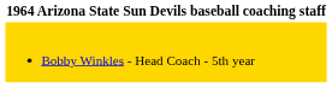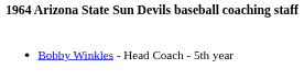 <table class="toccolours">
 <tr>
 <th colspan=9>1964 Arizona State Sun Devils baseball coaching staff</th>
 </tr>
 <tr>
-<td style="background: gold; text-align: left; font-size: 95%;" valign="top"><br><ul><li><a href='#'>Bobby Winkles</a> - Head Coach - 5th year</li></ul></td>
+<td style="text-align: left; font-size: 95%;" valign="top"><br><ul><li><a href='#'>Bobby Winkles</a> - Head Coach - 5th year</li></ul></td>
 </tr>
 </table>
